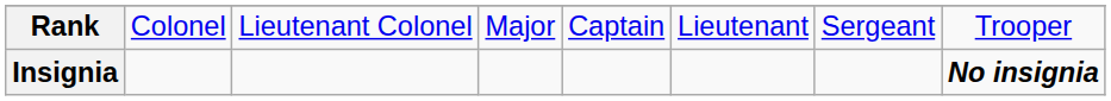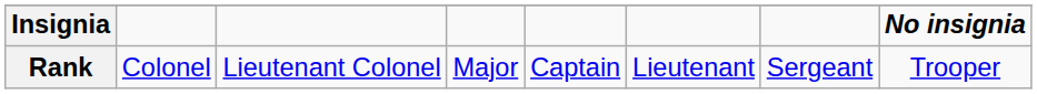 <table class="wikitable">
 <tr>
+</tr>
+<tr style="text-align:center;">
+<th>Insignia</th>
+<td></td>
+<td></td>
+<td></td>
+<td></td>
+<td></td>
+<td></td>
+<td><strong><em>No insignia</em></strong></td>
 </tr>
 <tr style="text-align:center;">
 <th>Rank</th>
 <td><a href='#'>Colonel</a></td>
 <td><a href='#'>Lieutenant Colonel</a></td>
 <td><a href='#'>Major</a></td>
 <td><a href='#'>Captain</a></td>
 <td><a href='#'>Lieutenant</a></td>
 <td><a href='#'>Sergeant</a></td>
 <td><a href='#'>Trooper</a></td>
 </tr>
-<tr style="text-align:center;">
-<th>Insignia</th>
-<td></td>
-<td></td>
-<td></td>
-<td></td>
-<td></td>
-<td></td>
-<td><strong><em>No insignia</em></strong></td>
-</tr>
 </table>
